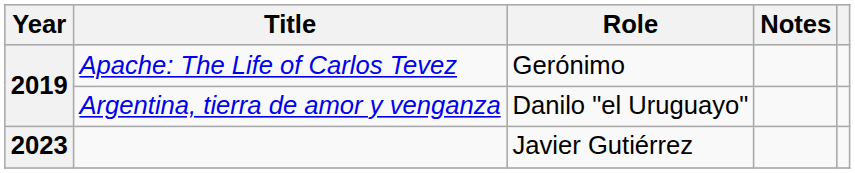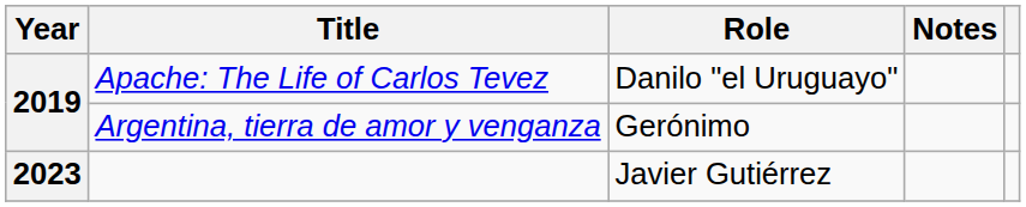 <table class="wikitable plainrowheaders sortable">
 <tr>
 <th scope="col">Year</th>
 <th scope="col">Title</th>
 <th scope="col" class="unsortable">Role</th>
 <th scope="col" class="unsortable">Notes</th>
 <th scope="col" class="unsortable"></th>
 </tr>
 <tr>
 <th scope="row" rowspan="2">2019</th>
 <td><em><a href='#'>Apache: The Life of Carlos Tevez</a></em></td>
-<td>Gerónimo</td>
+<td>Danilo "el Uruguayo"</td>
 <td></td>
 <td></td>
 </tr>
 <tr>
 <td><em><a href='#'>Argentina, tierra de amor y venganza</a></em></td>
-<td>Danilo "el Uruguayo"</td>
+<td>Gerónimo</td>
 <td></td>
 <td></td>
 </tr>
 <tr>
 <th scope="row">2023</th>
 <td></td>
 <td>Javier Gutiérrez</td>
 <td></td>
 <td></td>
 </tr>
 </table>
